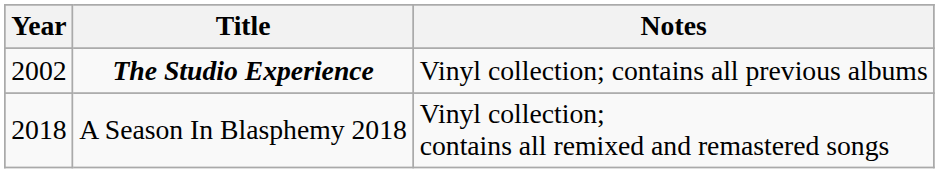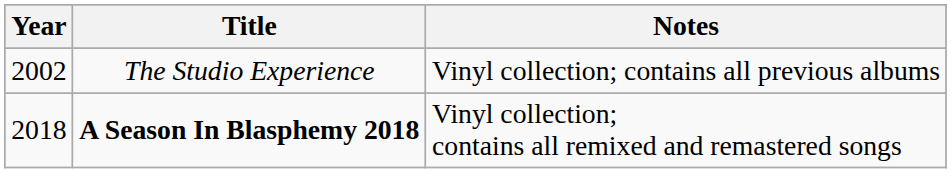 <table class="wikitable" border="1">
 <tr>
 <th>Year</th>
 <th>Title</th>
 <th>Notes</th>
 </tr>
 <tr>
 <td>2002</td>
-<td style="text-align:center;"><strong><em>The Studio Experience</em></strong></td>
+<td style="text-align:center;"><em>The Studio Experience</em></td>
 <td>Vinyl collection; contains all previous albums</td>
 </tr>
 <tr>
 <td>2018</td>
-<td>A Season In Blasphemy 2018</td>
+<td><strong>A Season In Blasphemy 2018</strong></td>
 <td>Vinyl collection;<br>contains all remixed and remastered songs</td>
 </tr>
 </table>
